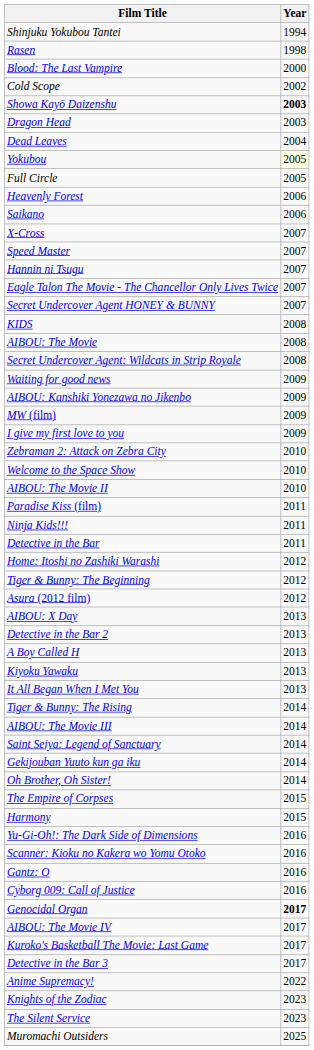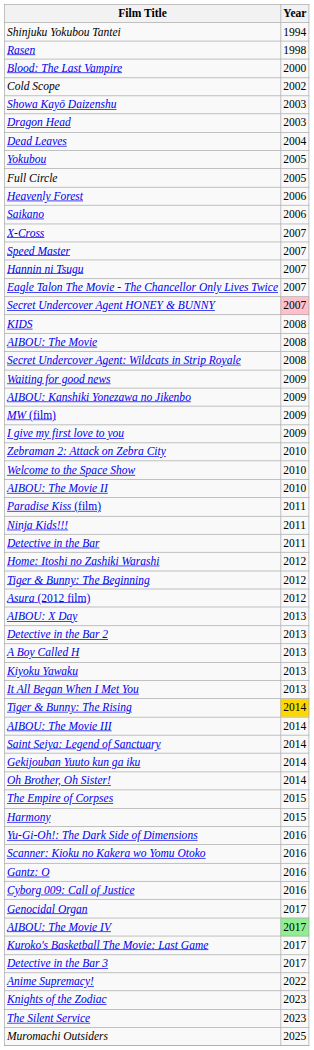 <table class="wikitable">
 <tr>
 <th>Film Title</th>
 <th>Year</th>
 </tr>
 <tr>
 <td><em>Shinjuku Yokubou Tantei</em></td>
 <td>1994</td>
 </tr>
 <tr>
 <td><em><a href='#'>Rasen</a></em></td>
 <td>1998</td>
 </tr>
 <tr>
 <td><em><a href='#'>Blood: The Last Vampire</a></em></td>
 <td>2000</td>
 </tr>
 <tr>
 <td><em>Cold Scope</em></td>
 <td>2002</td>
 </tr>
 <tr>
 <td><a href='#'><em>Showa Kayō Daizenshu</em></a></td>
-<td><strong>2003</strong></td>
+<td>2003</td>
 </tr>
 <tr>
 <td><em><a href='#'>Dragon Head</a></em></td>
 <td>2003</td>
 </tr>
 <tr>
 <td><em><a href='#'>Dead Leaves</a></em></td>
 <td>2004</td>
 </tr>
 <tr>
 <td><a href='#'><em>Yokubou</em></a></td>
-<td style="background: lightyellow;">2005</td>
+<td>2005</td>
 </tr>
 <tr>
 <td><em>Full Circle</em></td>
 <td>2005</td>
 </tr>
 <tr>
 <td><em><a href='#'>Heavenly Forest</a></em></td>
 <td>2006</td>
 </tr>
 <tr>
 <td><em><a href='#'>Saikano</a></em></td>
 <td>2006</td>
 </tr>
 <tr>
 <td><em><a href='#'>X-Cross</a></em></td>
 <td>2007</td>
 </tr>
 <tr>
 <td><a href='#'><em>Speed Master</em></a></td>
 <td>2007</td>
 </tr>
 <tr>
 <td><a href='#'><em>Hannin ni Tsugu</em></a></td>
 <td>2007</td>
 </tr>
 <tr>
 <td><em><a href='#'>Eagle Talon The Movie - The Chancellor Only Lives Twice</a></em></td>
 <td>2007</td>
 </tr>
 <tr>
 <td><em><a href='#'>Secret Undercover Agent HONEY & BUNNY</a></em></td>
-<td>2007</td>
+<td style="background: pink;">2007</td>
 </tr>
 <tr>
 <td><a href='#'><em>KIDS</em></a></td>
 <td>2008</td>
 </tr>
 <tr>
 <td><em><a href='#'>AIBOU: The Movie</a></em></td>
 <td>2008</td>
 </tr>
 <tr>
 <td><em><a href='#'>Secret Undercover Agent: Wildcats in Strip Royale</a></em></td>
 <td>2008</td>
 </tr>
 <tr>
 <td><em><a href='#'>Waiting for good news</a></em></td>
 <td>2009</td>
 </tr>
 <tr>
 <td><em><a href='#'>AIBOU: Kanshiki Yonezawa no Jikenbo</a></em></td>
 <td>2009</td>
 </tr>
 <tr>
 <td><a href='#'><em>MW</em> (film)</a></td>
 <td>2009</td>
 </tr>
 <tr>
 <td><em><a href='#'>I give my first love to you</a></em></td>
 <td>2009</td>
 </tr>
 <tr>
 <td><em><a href='#'>Zebraman 2: Attack on Zebra City</a></em></td>
 <td>2010</td>
 </tr>
 <tr>
 <td><em><a href='#'>Welcome to the Space Show</a></em></td>
 <td>2010</td>
 </tr>
 <tr>
 <td><em><a href='#'>AIBOU: The Movie II</a></em></td>
 <td>2010</td>
 </tr>
 <tr>
 <td><a href='#'><em>Paradise Kiss</em> (film)</a></td>
 <td>2011</td>
 </tr>
 <tr>
 <td><em><a href='#'>Ninja Kids!!!</a></em></td>
 <td>2011</td>
 </tr>
 <tr>
 <td><em><a href='#'>Detective in the Bar</a></em></td>
 <td>2011</td>
 </tr>
 <tr>
 <td><em><a href='#'>Home: Itoshi no Zashiki Warashi</a></em></td>
 <td>2012</td>
 </tr>
 <tr>
 <td><em><a href='#'>Tiger & Bunny: The Beginning</a></em></td>
 <td>2012</td>
 </tr>
 <tr>
 <td><a href='#'><em>Asura</em> (2012 film)</a></td>
 <td>2012</td>
 </tr>
 <tr>
 <td><em><a href='#'>AIBOU: X Day</a></em></td>
 <td>2013</td>
 </tr>
 <tr>
 <td><em><a href='#'>Detective in the Bar 2</a></em></td>
 <td>2013</td>
 </tr>
 <tr>
 <td><em><a href='#'>A Boy Called H</a></em></td>
 <td>2013</td>
 </tr>
 <tr>
 <td><em><a href='#'>Kiyoku Yawaku</a></em></td>
 <td>2013</td>
 </tr>
 <tr>
 <td><em><a href='#'>It All Began When I Met You</a></em></td>
 <td>2013</td>
 </tr>
 <tr>
 <td><em><a href='#'>Tiger & Bunny: The Rising</a></em></td>
-<td>2014</td>
+<td style="background: gold;">2014</td>
 </tr>
 <tr>
 <td><em><a href='#'>AIBOU: The Movie III</a></em></td>
 <td>2014</td>
 </tr>
 <tr>
 <td><em><a href='#'>Saint Seiya: Legend of Sanctuary</a></em></td>
 <td>2014</td>
 </tr>
 <tr>
 <td><em><a href='#'>Gekijouban Yuuto kun ga iku</a></em></td>
 <td>2014</td>
 </tr>
 <tr>
 <td><em><a href='#'>Oh Brother, Oh Sister!</a></em></td>
 <td>2014</td>
 </tr>
 <tr>
 <td><em><a href='#'>The Empire of Corpses</a></em></td>
 <td>2015</td>
 </tr>
 <tr>
 <td><em><a href='#'>Harmony</a></em></td>
 <td>2015</td>
 </tr>
 <tr>
 <td><em><a href='#'>Yu-Gi-Oh!: The Dark Side of Dimensions</a></em></td>
 <td>2016</td>
 </tr>
 <tr>
 <td><em><a href='#'>Scanner: Kioku no Kakera wo Yomu Otoko</a></em></td>
 <td>2016</td>
 </tr>
 <tr>
 <td><em><a href='#'>Gantz: O</a></em></td>
 <td>2016</td>
 </tr>
 <tr>
 <td><em><a href='#'>Cyborg 009: Call of Justice</a></em></td>
 <td>2016</td>
 </tr>
 <tr>
 <td><em><a href='#'>Genocidal Organ</a></em></td>
-<td><strong>2017</strong></td>
+<td>2017</td>
 </tr>
 <tr>
 <td><em><a href='#'>AIBOU: The Movie IV</a></em></td>
-<td>2017</td>
+<td style="background: lightgreen;">2017</td>
 </tr>
 <tr>
 <td><em><a href='#'>Kuroko's Basketball The Movie: Last Game</a></em></td>
 <td>2017</td>
 </tr>
 <tr>
 <td><em><a href='#'>Detective in the Bar 3</a></em></td>
 <td>2017</td>
 </tr>
 <tr>
 <td><em><a href='#'>Anime Supremacy!</a></em></td>
 <td>2022</td>
 </tr>
 <tr>
 <td><em><a href='#'>Knights of the Zodiac</a></em></td>
 <td>2023</td>
 </tr>
 <tr>
 <td><em><a href='#'>The Silent Service</a></em></td>
 <td>2023</td>
 </tr>
 <tr>
 <td><em>Muromachi Outsiders</em></td>
 <td>2025</td>
 </tr>
 <tr>
 </tr>
 </table>
